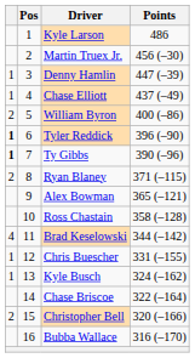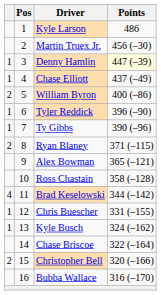 <table class="wikitable" style="font-size: 95%;">
 <tr>
 <th></th>
 <th>Pos</th>
 <th>Driver</th>
 <th>Points</th>
 </tr>
 <tr>
 <td align="left"></td>
 <td style="text-align:center;">1</td>
 <td style="background:#FFDEAD;"><a href='#'>Kyle Larson</a></td>
 <td style="text-align:center;">486</td>
 </tr>
 <tr>
 <td align="left"></td>
 <td style="text-align:center;">2</td>
 <td><a href='#'>Martin Truex Jr.</a></td>
 <td style="text-align:center;">456 (–30)</td>
 </tr>
 <tr>
 <td align="left"> 1</td>
 <td style="text-align:center;">3</td>
 <td style="background:#FFDEAD;"><a href='#'>Denny Hamlin</a></td>
-<td style="text-align:center;">447 (–39)</td>
+<td style="background: lightyellow; text-align:center;">447 (–39)</td>
 </tr>
 <tr>
 <td align="left"> 1</td>
 <td style="text-align:center;">4</td>
 <td style="background:#FFDEAD;"><a href='#'>Chase Elliott</a></td>
 <td style="text-align:center;">437 (–49)</td>
 </tr>
 <tr>
 <td align="left"> 2</td>
 <td style="text-align:center;">5</td>
 <td style="background:#FFDEAD;"><a href='#'>William Byron</a></td>
 <td style="text-align:center;">400 (–86)</td>
 </tr>
 <tr>
-<td align="left"><strong> 1</strong></td>
+<td align="left"> 1</td>
 <td style="text-align:center;">6</td>
 <td style="background:#FFDEAD;"><a href='#'>Tyler Reddick</a></td>
 <td style="text-align:center;">396 (–90)</td>
 </tr>
 <tr>
-<td align="left"><strong> 1</strong></td>
+<td align="left"> 1</td>
 <td style="text-align:center;">7</td>
 <td><a href='#'>Ty Gibbs</a></td>
 <td style="text-align:center;">390 (–96)</td>
 </tr>
 <tr>
 <td align="left"> 2</td>
 <td style="text-align:center;">8</td>
 <td><a href='#'>Ryan Blaney</a></td>
 <td style="text-align:center;">371 (–115)</td>
 </tr>
 <tr>
 <td align="left"></td>
 <td style="text-align:center;">9</td>
 <td><a href='#'>Alex Bowman</a></td>
 <td style="text-align:center;">365 (–121)</td>
 </tr>
 <tr>
 <td align="left"></td>
 <td style="text-align:center;">10</td>
 <td><a href='#'>Ross Chastain</a></td>
 <td style="text-align:center;">358 (–128)</td>
 </tr>
 <tr>
 <td align="left"> 4</td>
 <td style="text-align:center;">11</td>
 <td style="background:#FFDEAD;"><a href='#'>Brad Keselowski</a></td>
 <td style="text-align:center;">344 (–142)</td>
 </tr>
 <tr>
 <td align="left"> 1</td>
 <td style="text-align:center;">12</td>
 <td><a href='#'>Chris Buescher</a></td>
 <td style="text-align:center;">331 (–155)</td>
 </tr>
 <tr>
 <td align="left"> 1</td>
 <td style="text-align:center;">13</td>
 <td><a href='#'>Kyle Busch</a></td>
 <td style="text-align:center;">324 (–162)</td>
 </tr>
 <tr>
 <td align="left"></td>
 <td style="text-align:center;">14</td>
 <td><a href='#'>Chase Briscoe</a></td>
 <td style="text-align:center;">322 (–164)</td>
 </tr>
 <tr>
 <td align="left"> 2</td>
 <td style="text-align:center;">15</td>
 <td style="background:#FFDEAD;"><a href='#'>Christopher Bell</a></td>
 <td style="text-align:center;">320 (–166)</td>
 </tr>
 <tr>
 <td align="left"></td>
 <td style="text-align:center;">16</td>
 <td><a href='#'>Bubba Wallace</a></td>
 <td style="text-align:center;">316 (–170)</td>
 </tr>
 <tr class="sortbottom">
 <th colspan="9"></th>
 </tr>
 </table>
